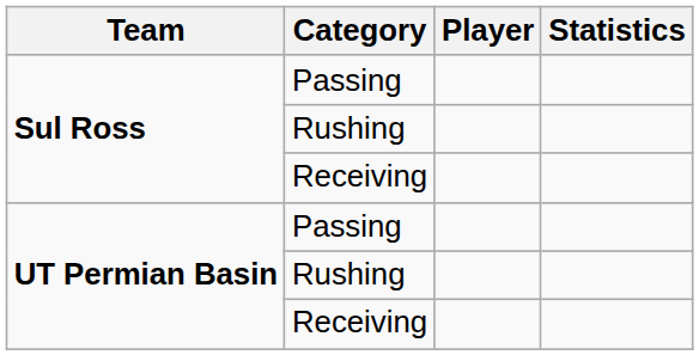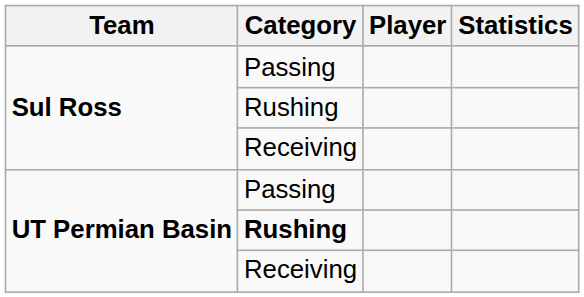 <table class="wikitable" style="float: right;">
 <tr>
 <th>Team</th>
 <th>Category</th>
 <th>Player</th>
 <th>Statistics</th>
 </tr>
 <tr>
 <td rowspan=3><strong>Sul Ross</strong></td>
 <td>Passing</td>
 <td></td>
 <td></td>
 </tr>
 <tr>
 <td>Rushing</td>
 <td></td>
 <td></td>
 </tr>
 <tr>
 <td>Receiving</td>
 <td></td>
 <td></td>
 </tr>
 <tr>
 <td rowspan=3><strong>UT Permian Basin</strong></td>
 <td>Passing</td>
 <td></td>
 <td></td>
 </tr>
 <tr>
-<td>Rushing</td>
+<td><strong>Rushing</strong></td>
 <td></td>
 <td></td>
 </tr>
 <tr>
 <td>Receiving</td>
 <td></td>
 <td></td>
 </tr>
 </table>
